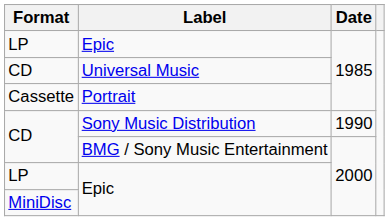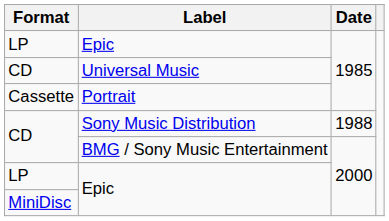 <table class="wikitable plainrowheaders">
 <tr>
 <th scope="col">Format</th>
 <th scope="col">Label</th>
 <th scope="col">Date</th>
 <th scope="col"></th>
 </tr>
 <tr>
 <td>LP</td>
 <td><a href='#'>Epic</a></td>
 <td rowspan="3">1985</td>
 <td rowspan="7"></td>
 </tr>
 <tr>
 <td>CD</td>
 <td><a href='#'>Universal Music</a></td>
 </tr>
 <tr>
 <td>Cassette</td>
 <td><a href='#'>Portrait</a></td>
 </tr>
 <tr>
 <td rowspan="2">CD</td>
 <td><a href='#'>Sony Music Distribution</a></td>
-<td>1990</td>
+<td>1988</td>
 </tr>
 <tr>
 <td><a href='#'>BMG</a> / Sony Music Entertainment</td>
 <td rowspan="3">2000</td>
 </tr>
 <tr>
 <td>LP</td>
 <td rowspan="2">Epic</td>
 </tr>
 <tr>
 <td><a href='#'>MiniDisc</a></td>
 </tr>
 </table>
